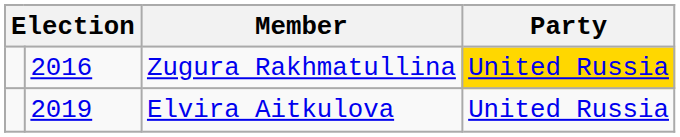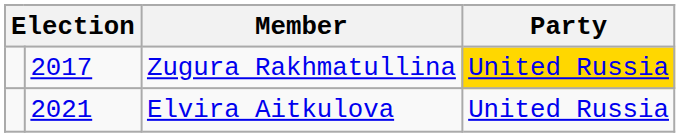 <table class="wikitable">
 <tr>
 <th colspan="2">Election</th>
 <th>Member</th>
 <th>Party</th>
 </tr>
 <tr>
 <td style="background-color: "></td>
-<td><a href='#'>2016</a></td>
+<td><a href='#'>2017</a></td>
 <td><a href='#'>Zugura Rakhmatullina</a></td>
 <td style="background: gold;"><a href='#'>United Russia</a></td>
 </tr>
 <tr>
 <td style="background-color: "></td>
-<td><a href='#'>2019</a></td>
+<td><a href='#'>2021</a></td>
 <td><a href='#'>Elvira Aitkulova</a></td>
 <td><a href='#'>United Russia</a></td>
 </tr>
 </table>
